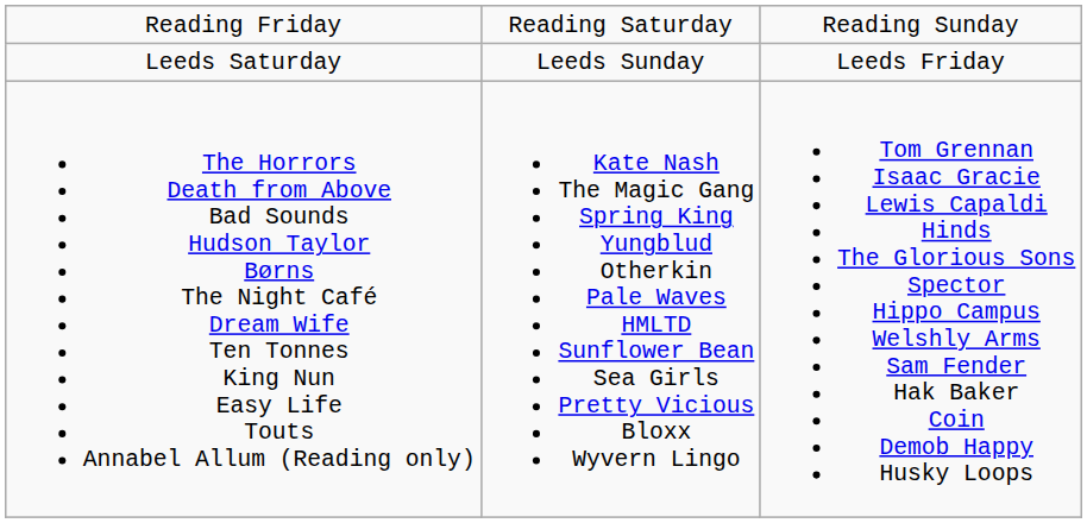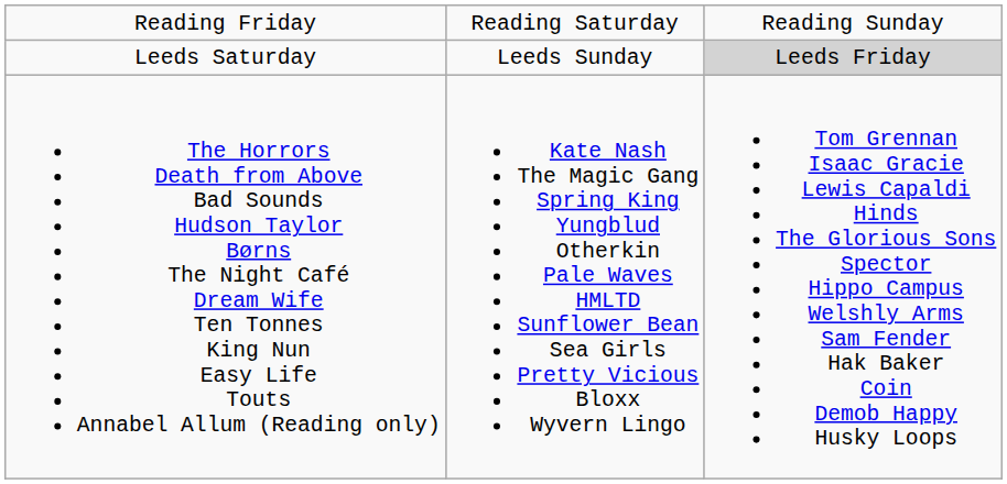 <table class="wikitable" style="text-align:center;">
 <tr>
 <td>Reading Friday</td>
 <td>Reading Saturday</td>
 <td>Reading Sunday</td>
 </tr>
 <tr>
 <td>Leeds Saturday</td>
 <td>Leeds Sunday</td>
-<td>Leeds Friday</td>
+<td style="background: lightgrey;">Leeds Friday</td>
 </tr>
 <tr>
 <td><br><ul><li><a href='#'>The Horrors</a></li><li><a href='#'>Death from Above</a></li><li>Bad Sounds</li><li><a href='#'>Hudson Taylor</a></li><li><a href='#'>Børns</a></li><li>The Night Café</li><li><a href='#'>Dream Wife</a></li><li>Ten Tonnes</li><li>King Nun</li><li>Easy Life</li><li>Touts</li><li>Annabel Allum (Reading only)</li></ul></td>
 <td><br><ul><li><a href='#'>Kate Nash</a></li><li>The Magic Gang</li><li><a href='#'>Spring King</a></li><li><a href='#'>Yungblud</a></li><li>Otherkin</li><li><a href='#'>Pale Waves</a></li><li><a href='#'>HMLTD</a></li><li><a href='#'>Sunflower Bean</a></li><li>Sea Girls</li><li><a href='#'>Pretty Vicious</a></li><li>Bloxx</li><li>Wyvern Lingo</li></ul></td>
 <td><br><ul><li><a href='#'>Tom Grennan</a></li><li><a href='#'>Isaac Gracie</a></li><li><a href='#'>Lewis Capaldi</a></li><li><a href='#'>Hinds</a></li><li><a href='#'>The Glorious Sons</a></li><li><a href='#'>Spector</a></li><li><a href='#'>Hippo Campus</a></li><li><a href='#'>Welshly Arms</a></li><li><a href='#'>Sam Fender</a></li><li>Hak Baker</li><li><a href='#'>Coin</a></li><li><a href='#'>Demob Happy</a></li><li>Husky Loops</li></ul></td>
 </tr>
 </table>
